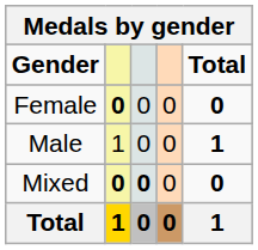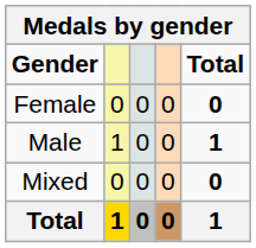 <table class=wikitable style=font-size:85%>
 <tr style="background:#efefef;">
 <th colspan=7><strong>Medals by gender</strong></th>
 </tr>
 <tr align=center>
 <td><strong>Gender</strong></td>
 <td bgcolor=#f7f6a8></td>
 <td bgcolor=#dce5e5></td>
 <td bgcolor=#ffdab9></td>
 <td><strong>Total</strong></td>
 </tr>
 <tr align=center>
 <td>Female</td>
-<td style="background:#F7F6A8;"><strong>0</strong></td>
+<td style="background:#F7F6A8;">0</td>
 <td style="background:#DCE5E5;">0</td>
 <td style="background:#FFDAB9;">0</td>
 <td><strong>0</strong></td>
 </tr>
 <tr align=center>
 <td>Male</td>
 <td style="background:#F7F6A8;">1</td>
 <td style="background:#DCE5E5;">0</td>
 <td style="background:#FFDAB9;">0</td>
 <td><strong>1</strong></td>
 </tr>
 <tr align=center>
 <td>Mixed</td>
-<td style="background:#F7F6A8;"><strong>0</strong></td>
-<td style="background:#DCE5E5;"><strong>0</strong></td>
+<td style="background:#F7F6A8;">0</td>
+<td style="background:#DCE5E5;">0</td>
 <td style="background:#FFDAB9;">0</td>
 <td><strong>0</strong></td>
 </tr>
 <tr align=center>
 <th><strong>Total</strong></th>
 <th style="background:gold;"><strong>1</strong></th>
 <th style="background:silver;"><strong>0</strong></th>
 <th style="background:#c96;"><strong>0</strong></th>
 <th><strong>1</strong></th>
 </tr>
 </table>
